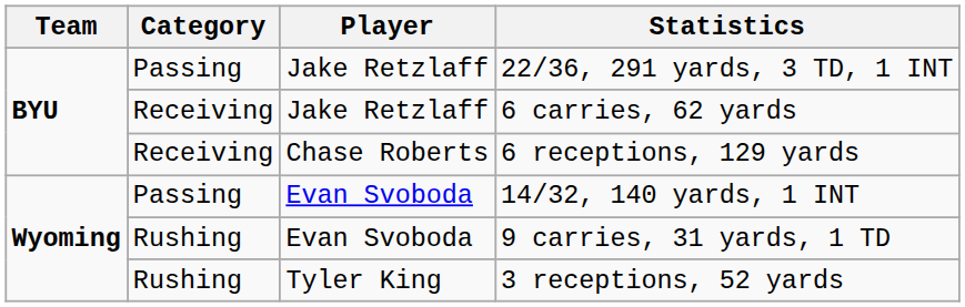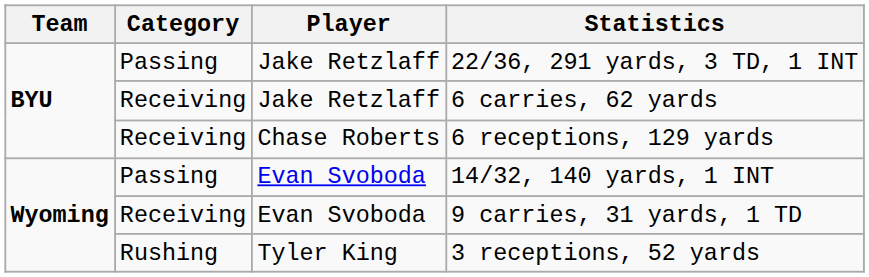 <table class="wikitable" style="float: right;">
 <tr>
 <th>Team</th>
 <th>Category</th>
 <th>Player</th>
 <th>Statistics</th>
 </tr>
 <tr>
 <td rowspan=3><strong>BYU</strong></td>
 <td>Passing</td>
 <td>Jake Retzlaff</td>
 <td>22/36, 291 yards, 3 TD, 1 INT</td>
 </tr>
 <tr>
 <td>Receiving</td>
 <td>Jake Retzlaff</td>
 <td>6 carries, 62 yards</td>
 </tr>
 <tr>
 <td>Receiving</td>
 <td>Chase Roberts</td>
 <td>6 receptions, 129 yards</td>
 </tr>
 <tr>
 <td rowspan=3><strong>Wyoming</strong></td>
 <td>Passing</td>
 <td><a href='#'>Evan Svoboda</a></td>
 <td>14/32, 140 yards, 1 INT</td>
 </tr>
 <tr>
-<td>Rushing</td>
+<td>Receiving</td>
 <td>Evan Svoboda</td>
 <td>9 carries, 31 yards, 1 TD</td>
 </tr>
 <tr>
 <td>Rushing</td>
 <td>Tyler King</td>
 <td>3 receptions, 52 yards</td>
 </tr>
 </table>
